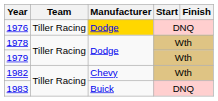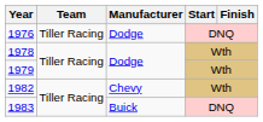 <table class="wikitable" style="font-size: 90%;">
 <tr>
 <th>Year</th>
 <th>Team</th>
 <th>Manufacturer</th>
 <th>Start</th>
 <th>Finish</th>
 </tr>
 <tr>
 <td><a href='#'>1976</a></td>
 <td>Tiller Racing</td>
-<td style="background: gold;"><a href='#'>Dodge</a></td>
+<td><a href='#'>Dodge</a></td>
 <td align=center colspan=2 style="background:#FFCFCF;">DNQ</td>
 </tr>
 <tr>
 <td><a href='#'>1978</a></td>
 <td rowspan=2>Tiller Racing</td>
 <td rowspan=2><a href='#'>Dodge</a></td>
 <td align=center colspan=2 style="background:#DFC484;">Wth</td>
 </tr>
 <tr>
 <td><a href='#'>1979</a></td>
 <td align=center colspan=2 style="background:#DFC484;">Wth</td>
 </tr>
 <tr>
 <td><a href='#'>1982</a></td>
 <td rowspan=2>Tiller Racing</td>
 <td><a href='#'>Chevy</a></td>
 <td align=center colspan=2 style="background:#DFC484;">Wth</td>
 </tr>
 <tr>
 <td><a href='#'>1983</a></td>
 <td><a href='#'>Buick</a></td>
 <td align=center colspan=2 style="background:#FFCFCF;">DNQ</td>
 </tr>
 </table>
